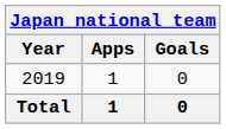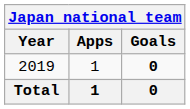 <table class="wikitable" style="text-align:center">
 <tr>
 <th colspan="3"><a href='#'>Japan national team</a></th>
 </tr>
 <tr>
 <th>Year</th>
 <th>Apps</th>
 <th>Goals</th>
 </tr>
 <tr>
 <td>2019</td>
 <td>1</td>
-<td>0</td>
+<td><strong>0</strong></td>
 </tr>
 <tr>
 <th>Total</th>
 <th>1</th>
 <th>0</th>
 </tr>
 </table>
